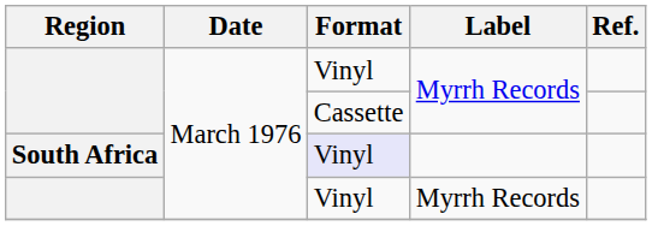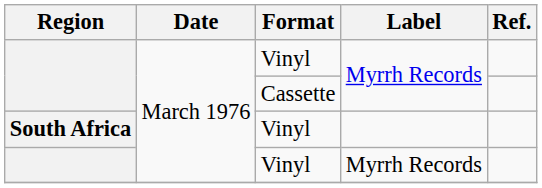 <table class="wikitable plainrowheaders">
 <tr>
 <th scope="col">Region</th>
 <th scope="col">Date</th>
 <th scope="col">Format</th>
 <th scope="col">Label</th>
 <th scope="col">Ref.</th>
 </tr>
 <tr>
 <th scope="row" rowspan="2"></th>
 <td rowspan="4">March 1976</td>
 <td>Vinyl</td>
 <td rowspan="2"><a href='#'>Myrrh Records</a></td>
 <td></td>
 </tr>
 <tr>
 <td>Cassette</td>
 <td></td>
 </tr>
 <tr>
 <th scope="row">South Africa</th>
-<td style="background: lavender;">Vinyl</td>
+<td>Vinyl</td>
 <td></td>
 <td></td>
 </tr>
 <tr>
 <th scope="row"></th>
 <td>Vinyl</td>
 <td>Myrrh Records</td>
 <td></td>
 </tr>
 <tr>
 </tr>
 </table>
